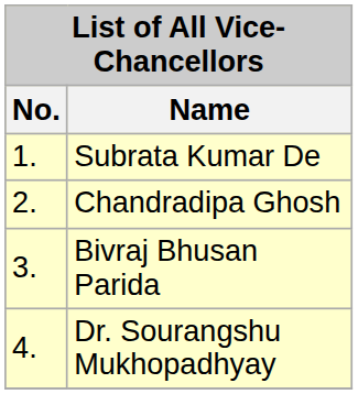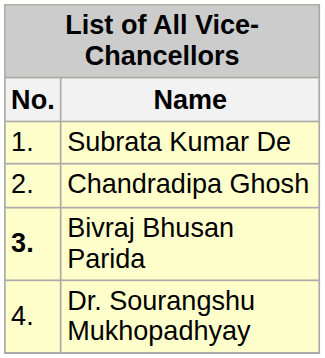 <table class="wikitable mw-collapsible mw-collapsed" style="margin-left:1em; font-size:100%; background:#ffc; color:black; width:20em; max-width:30%;"  cellspacing="0" cellpadding="0">
 <tr>
 <th style="background:#ccc;" colspan="2">List of All Vice-Chancellors</th>
 </tr>
 <tr>
 <th scope="col" style="width: 5%;">No.</th>
 <th scope="col" style="width: 95%;">Name</th>
 </tr>
 <tr>
 <td>1.</td>
 <td>Subrata Kumar De</td>
 </tr>
 <tr>
 <td>2.</td>
 <td>Chandradipa Ghosh</td>
 </tr>
 <tr>
-<td>3.</td>
+<td><strong>3.</strong></td>
 <td>Bivraj Bhusan Parida</td>
 </tr>
 <tr>
 <td>4.</td>
 <td>Dr. Sourangshu Mukhopadhyay</td>
 </tr>
 <tr>
 </tr>
 </table>
